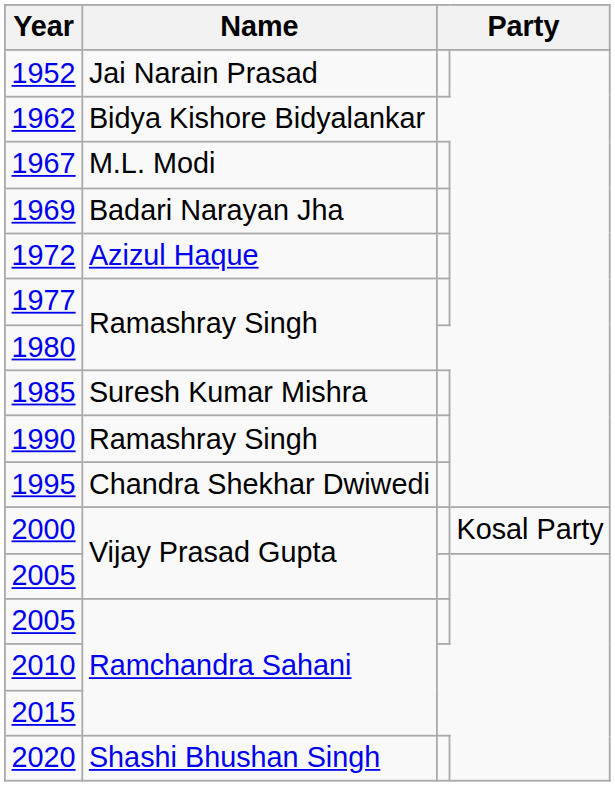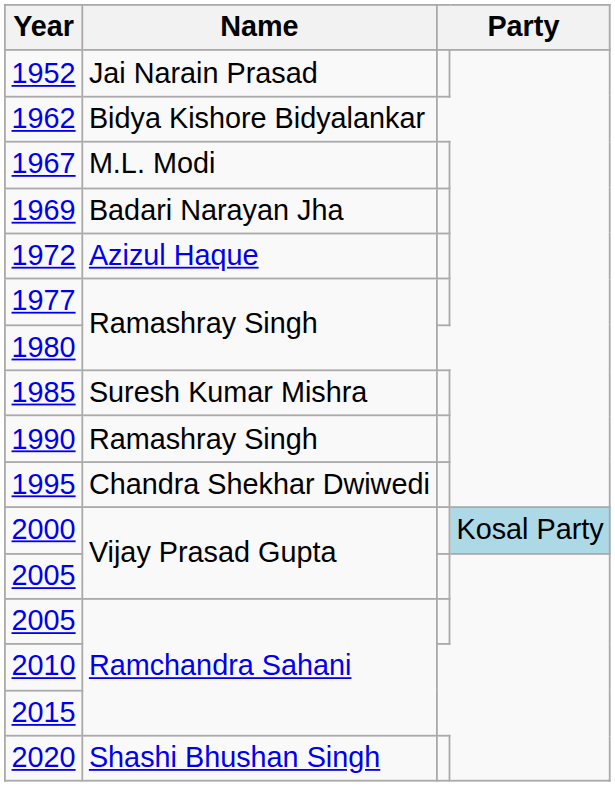 <table class="wikitable sortable">
 <tr>
 <th>Year</th>
 <th>Name</th>
 <th colspan="2">Party</th>
 </tr>
 <tr>
 <td><a href='#'>1952</a></td>
 <td>Jai Narain Prasad</td>
 <td></td>
 </tr>
 <tr>
 <td><a href='#'>1962</a></td>
 <td>Bidya Kishore Bidyalankar</td>
 </tr>
 <tr>
 <td><a href='#'>1967</a></td>
 <td>M.L. Modi</td>
 <td></td>
 </tr>
 <tr>
 <td><a href='#'>1969</a></td>
 <td>Badari Narayan Jha</td>
 <td></td>
 </tr>
 <tr>
 <td><a href='#'>1972</a></td>
 <td><a href='#'>Azizul Haque</a></td>
 <td></td>
 </tr>
 <tr>
 <td><a href='#'>1977</a></td>
 <td rowspan="2">Ramashray Singh</td>
 <td></td>
 </tr>
 <tr>
 <td><a href='#'>1980</a></td>
 </tr>
 <tr>
 <td><a href='#'>1985</a></td>
 <td>Suresh Kumar Mishra</td>
 <td></td>
 </tr>
 <tr>
 <td><a href='#'>1990</a></td>
 <td>Ramashray Singh</td>
 <td></td>
 </tr>
 <tr>
 <td><a href='#'>1995</a></td>
 <td>Chandra Shekhar Dwiwedi</td>
 <td></td>
 </tr>
 <tr>
 <td><a href='#'>2000</a></td>
 <td rowspan="2">Vijay Prasad Gupta</td>
 <td style="background-color: "></td>
-<td>Kosal Party</td>
+<td style="background: lightblue;">Kosal Party</td>
 </tr>
 <tr>
 <td><a href='#'>2005</a></td>
 <td></td>
 </tr>
 <tr>
 <td><a href='#'>2005</a></td>
 <td rowspan="3"><a href='#'>Ramchandra Sahani</a></td>
 <td></td>
 </tr>
 <tr>
 <td><a href='#'>2010</a></td>
 </tr>
 <tr>
 <td><a href='#'>2015</a></td>
 </tr>
 <tr>
 <td><a href='#'>2020</a></td>
 <td><a href='#'>Shashi Bhushan Singh</a></td>
 <td></td>
 </tr>
 </table>
